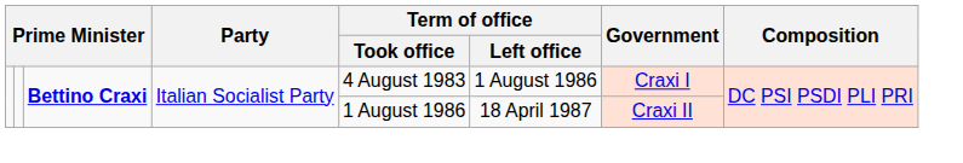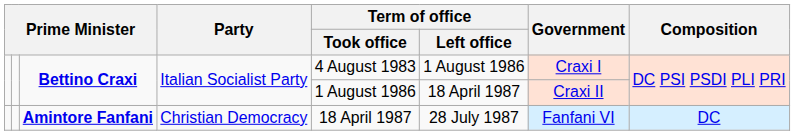 <table class="wikitable" style="text-align:center">
 <tr>
 <th colspan=3 rowspan=2>Prime Minister</th>
 <th rowspan=2>Party</th>
 <th colspan=2>Term of office</th>
 <th rowspan=2>Government</th>
 <th rowspan=2>Composition</th>
 </tr>
 <tr>
 <th>Took office</th>
 <th>Left office</th>
 </tr>
 <tr>
 <td rowspan=2 style="background:"></td>
 <td rowspan=2></td>
 <td rowspan=2><strong><a href='#'>Bettino Craxi</a></strong><br></td>
 <td rowspan=2><a href='#'>Italian Socialist Party</a></td>
 <td>4 August 1983</td>
 <td>1 August 1986</td>
 <td bgcolor=#FFE2D5><a href='#'>Craxi I</a></td>
 <td rowspan=2 bgcolor=#FFE2D5><a href='#'>DC</a>  <a href='#'>PSI</a>  <a href='#'>PSDI</a>  <a href='#'>PLI</a>  <a href='#'>PRI</a><br></td>
 </tr>
 <tr>
 <td>1 August 1986</td>
 <td>18 April 1987</td>
 <td bgcolor=#FFE2D5><a href='#'>Craxi II</a></td>
 </tr>
+<tr>
+<td style="background:"></td>
+<td></td>
+<td><strong><a href='#'>Amintore Fanfani</a></strong><br></td>
+<td><a href='#'>Christian Democracy</a></td>
+<td>18 April 1987</td>
+<td>28 July 1987</td>
+<td bgcolor=#D5EFFF><a href='#'>Fanfani VI</a></td>
+<td bgcolor=#D5EFFF><a href='#'>DC</a></td>
+</tr>
 </table>
